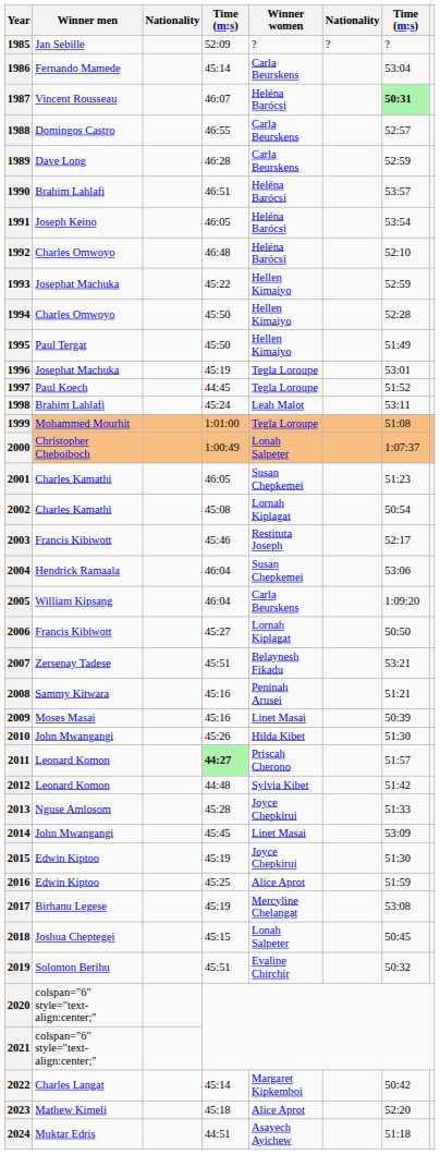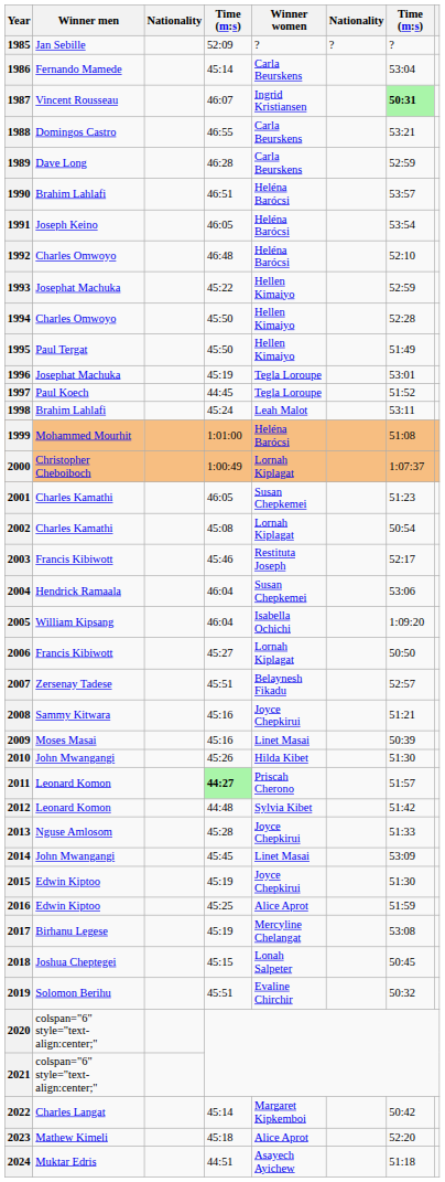 <table class="wikitable sortable">
 <tr>
 <th>Year</th>
 <th>Winner men</th>
 <th>Nationality</th>
 <th>Time (<a href='#'>m</a>:<a href='#'>s</a>)</th>
 <th>Winner women</th>
 <th>Nationality</th>
 <th>Time (<a href='#'>m</a>:<a href='#'>s</a>)</th>
 <th class="unsortable"></th>
 </tr>
 <tr>
 <th scope="row">1985</th>
 <td><a href='#'>Jan Sebille</a></td>
 <td></td>
 <td>52:09</td>
 <td>?</td>
 <td>?</td>
 <td>?</td>
 <td></td>
 </tr>
 <tr>
 <th scope="row">1986</th>
 <td><a href='#'>Fernando Mamede</a></td>
 <td></td>
 <td>45:14</td>
 <td><a href='#'>Carla Beurskens</a></td>
 <td></td>
 <td>53:04</td>
 <td></td>
 </tr>
 <tr>
 <th scope="row">1987</th>
 <td><a href='#'>Vincent Rousseau</a></td>
 <td></td>
 <td>46:07</td>
-<td><a href='#'>Heléna Barócsi</a></td>
+<td><a href='#'>Ingrid Kristiansen</a></td>
 <td></td>
 <td bgcolor=#A9F5A9><strong>50:31</strong></td>
 <td></td>
 </tr>
 <tr>
 <th scope="row">1988</th>
 <td><a href='#'>Domingos Castro</a></td>
 <td></td>
 <td>46:55</td>
 <td><a href='#'>Carla Beurskens</a></td>
 <td></td>
-<td>52:57</td>
+<td>53:21</td>
 <td></td>
 </tr>
 <tr>
 <th scope="row">1989</th>
 <td><a href='#'>Dave Long</a></td>
 <td></td>
 <td>46:28</td>
 <td><a href='#'>Carla Beurskens</a></td>
 <td></td>
 <td>52:59</td>
 <td></td>
 </tr>
 <tr>
 <th scope="row">1990</th>
 <td><a href='#'>Brahim Lahlafi</a></td>
 <td></td>
 <td>46:51</td>
 <td><a href='#'>Heléna Barócsi</a></td>
 <td></td>
 <td>53:57</td>
 <td></td>
 </tr>
 <tr>
 <th scope="row">1991</th>
 <td><a href='#'>Joseph Keino</a></td>
 <td></td>
 <td>46:05</td>
 <td><a href='#'>Heléna Barócsi</a></td>
 <td></td>
 <td>53:54</td>
 <td></td>
 </tr>
 <tr>
 <th scope="row">1992</th>
 <td><a href='#'>Charles Omwoyo</a></td>
 <td></td>
 <td>46:48</td>
 <td><a href='#'>Heléna Barócsi</a></td>
 <td></td>
 <td>52:10</td>
 <td></td>
 </tr>
 <tr>
 <th scope="row">1993</th>
 <td><a href='#'>Josephat Machuka</a></td>
 <td></td>
 <td>45:22</td>
 <td><a href='#'>Hellen Kimaiyo</a></td>
 <td></td>
 <td>52:59</td>
 <td></td>
 </tr>
 <tr>
 <th scope="row">1994</th>
 <td><a href='#'>Charles Omwoyo</a></td>
 <td></td>
 <td>45:50</td>
 <td><a href='#'>Hellen Kimaiyo</a></td>
 <td></td>
 <td>52:28</td>
 <td></td>
 </tr>
 <tr>
 <th scope="row">1995</th>
 <td><a href='#'>Paul Tergat</a></td>
 <td></td>
 <td>45:50</td>
 <td><a href='#'>Hellen Kimaiyo</a></td>
 <td></td>
 <td>51:49</td>
 <td></td>
 </tr>
 <tr>
 <th scope="row">1996</th>
 <td><a href='#'>Josephat Machuka</a></td>
 <td></td>
 <td>45:19</td>
 <td><a href='#'>Tegla Loroupe</a></td>
 <td></td>
 <td>53:01</td>
 <td></td>
 </tr>
 <tr>
 <th scope="row">1997</th>
 <td><a href='#'>Paul Koech</a></td>
 <td></td>
 <td>44:45</td>
 <td><a href='#'>Tegla Loroupe</a></td>
 <td></td>
 <td>51:52</td>
 <td></td>
 </tr>
 <tr>
 <th scope="row">1998</th>
 <td><a href='#'>Brahim Lahlafi</a></td>
 <td></td>
 <td>45:24</td>
 <td><a href='#'>Leah Malot</a></td>
 <td></td>
 <td>53:11</td>
 <td></td>
 </tr>
 <tr bgcolor=#F7BE81>
 <th scope="row">1999</th>
 <td><a href='#'>Mohammed Mourhit</a></td>
 <td></td>
 <td>1:01:00</td>
-<td><a href='#'>Tegla Loroupe</a></td>
+<td><a href='#'>Heléna Barócsi</a></td>
 <td></td>
 <td>51:08</td>
 <td></td>
 </tr>
 <tr bgcolor=#F7BE81>
 <th scope="row">2000</th>
 <td><a href='#'>Christopher Cheboiboch</a></td>
 <td></td>
 <td>1:00:49</td>
-<td><a href='#'>Lonah Salpeter</a></td>
+<td><a href='#'>Lornah Kiplagat</a></td>
 <td></td>
 <td>1:07:37</td>
 <td></td>
 </tr>
 <tr>
 <th scope="row">2001</th>
 <td><a href='#'>Charles Kamathi</a></td>
 <td></td>
 <td>46:05</td>
 <td><a href='#'>Susan Chepkemei</a></td>
 <td></td>
 <td>51:23</td>
 <td></td>
 </tr>
 <tr>
 <th scope="row">2002</th>
 <td><a href='#'>Charles Kamathi</a></td>
 <td></td>
 <td>45:08</td>
 <td><a href='#'>Lornah Kiplagat</a></td>
 <td></td>
 <td>50:54</td>
 <td></td>
 </tr>
 <tr>
 <th scope="row">2003</th>
 <td><a href='#'>Francis Kibiwott</a></td>
 <td></td>
 <td>45:46</td>
 <td><a href='#'>Restituta Joseph</a></td>
 <td></td>
 <td>52:17</td>
 <td></td>
 </tr>
 <tr>
 <th scope="row">2004</th>
 <td><a href='#'>Hendrick Ramaala</a></td>
 <td></td>
 <td>46:04</td>
 <td><a href='#'>Susan Chepkemei</a></td>
 <td></td>
 <td>53:06</td>
 <td></td>
 </tr>
 <tr>
 <th scope="row">2005</th>
 <td><a href='#'>William Kipsang</a></td>
 <td></td>
 <td>46:04</td>
-<td><a href='#'>Carla Beurskens</a></td>
+<td><a href='#'>Isabella Ochichi</a></td>
 <td></td>
 <td>1:09:20</td>
 <td></td>
 </tr>
 <tr>
 <th scope="row">2006</th>
 <td><a href='#'>Francis Kibiwott</a></td>
 <td></td>
 <td>45:27</td>
 <td><a href='#'>Lornah Kiplagat</a></td>
 <td></td>
 <td>50:50</td>
 <td></td>
 </tr>
 <tr>
 <th scope="row">2007</th>
 <td><a href='#'>Zersenay Tadese</a></td>
 <td></td>
 <td>45:51</td>
 <td><a href='#'>Belaynesh Fikadu</a></td>
 <td></td>
-<td>53:21</td>
+<td>52:57</td>
 <td></td>
 </tr>
 <tr>
 <th scope="row">2008</th>
 <td><a href='#'>Sammy Kitwara</a></td>
 <td></td>
 <td>45:16</td>
-<td><a href='#'>Peninah Arusei</a></td>
+<td><a href='#'>Joyce Chepkirui</a></td>
 <td></td>
 <td>51:21</td>
 <td></td>
 </tr>
 <tr>
 <th scope="row">2009</th>
 <td><a href='#'>Moses Masai</a></td>
 <td></td>
 <td>45:16</td>
 <td><a href='#'>Linet Masai</a></td>
 <td></td>
 <td>50:39</td>
 <td></td>
 </tr>
 <tr>
 <th scope="row">2010</th>
 <td><a href='#'>John Mwangangi</a></td>
 <td></td>
 <td>45:26</td>
 <td><a href='#'>Hilda Kibet</a></td>
 <td></td>
 <td>51:30</td>
 <td></td>
 </tr>
 <tr>
 <th scope="row">2011</th>
 <td><a href='#'>Leonard Komon</a></td>
 <td></td>
 <td bgcolor=#A9F5A9><strong>44:27</strong></td>
 <td><a href='#'>Priscah Cherono</a></td>
 <td></td>
 <td>51:57</td>
 <td></td>
 </tr>
 <tr>
 <th scope="row">2012</th>
 <td><a href='#'>Leonard Komon</a></td>
 <td></td>
 <td>44:48</td>
 <td><a href='#'>Sylvia Kibet</a></td>
 <td></td>
 <td>51:42</td>
 <td></td>
 </tr>
 <tr>
 <th scope="row">2013</th>
 <td><a href='#'>Nguse Amlosom</a></td>
 <td></td>
 <td>45:28</td>
 <td><a href='#'>Joyce Chepkirui</a></td>
 <td></td>
 <td>51:33</td>
 <td></td>
 </tr>
 <tr>
 <th scope="row">2014</th>
 <td><a href='#'>John Mwangangi</a></td>
 <td></td>
 <td>45:45</td>
 <td><a href='#'>Linet Masai</a></td>
 <td></td>
 <td>53:09</td>
 <td></td>
 </tr>
 <tr>
 <th scope="row">2015</th>
 <td><a href='#'>Edwin Kiptoo</a></td>
 <td></td>
 <td>45:19</td>
 <td><a href='#'>Joyce Chepkirui</a></td>
 <td></td>
 <td>51:30</td>
 <td></td>
 </tr>
 <tr>
 <th scope="row">2016</th>
 <td><a href='#'>Edwin Kiptoo</a></td>
 <td></td>
 <td>45:25</td>
 <td><a href='#'>Alice Aprot</a></td>
 <td></td>
 <td>51:59</td>
 <td></td>
 </tr>
 <tr>
 <th scope="row">2017</th>
 <td><a href='#'>Birhanu Legese</a></td>
 <td></td>
 <td>45:19</td>
 <td><a href='#'>Mercyline Chelangat</a></td>
 <td></td>
 <td>53:08</td>
 <td></td>
 </tr>
 <tr>
 <th scope="row">2018</th>
 <td><a href='#'>Joshua Cheptegei</a></td>
 <td></td>
 <td>45:15</td>
 <td><a href='#'>Lonah Salpeter</a></td>
 <td></td>
 <td>50:45</td>
 <td></td>
 </tr>
 <tr>
 <th scope="row">2019</th>
 <td><a href='#'>Solomon Berihu</a></td>
 <td></td>
 <td>45:51</td>
 <td><a href='#'>Evaline Chirchir</a></td>
 <td></td>
 <td>50:32</td>
 <td></td>
 </tr>
 <tr>
 <th scope="row">2020</th>
 <td>colspan="6" style="text-align:center;" </td>
 <td style="text-align:center;"></td>
 </tr>
 <tr>
 <th scope="row">2021</th>
 <td>colspan="6" style="text-align:center;" </td>
 <td style="text-align:center;"></td>
 </tr>
 <tr>
 <th scope="row">2022</th>
 <td><a href='#'>Charles Langat</a></td>
 <td></td>
 <td>45:14</td>
 <td><a href='#'>Margaret Kipkemboi</a></td>
 <td></td>
 <td>50:42</td>
 <td style="text-align:center;"></td>
 </tr>
 <tr>
 <th scope="row">2023</th>
 <td><a href='#'>Mathew Kimeli</a></td>
 <td></td>
 <td>45:18</td>
 <td><a href='#'>Alice Aprot</a></td>
 <td></td>
 <td>52:20</td>
 <td style="text-align:center;"></td>
 </tr>
 <tr>
 <th scope="row">2024</th>
 <td><a href='#'>Muktar Edris</a></td>
 <td></td>
 <td>44:51</td>
 <td><a href='#'>Asayech Ayichew</a></td>
 <td></td>
 <td>51:18</td>
 <td></td>
 </tr>
 </table>
